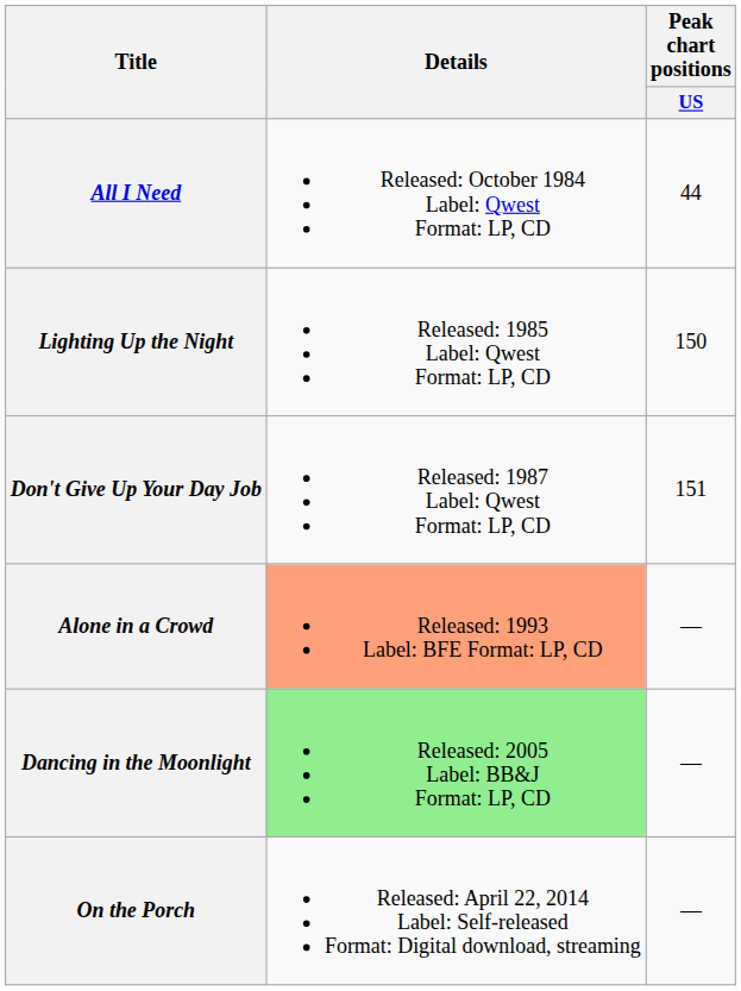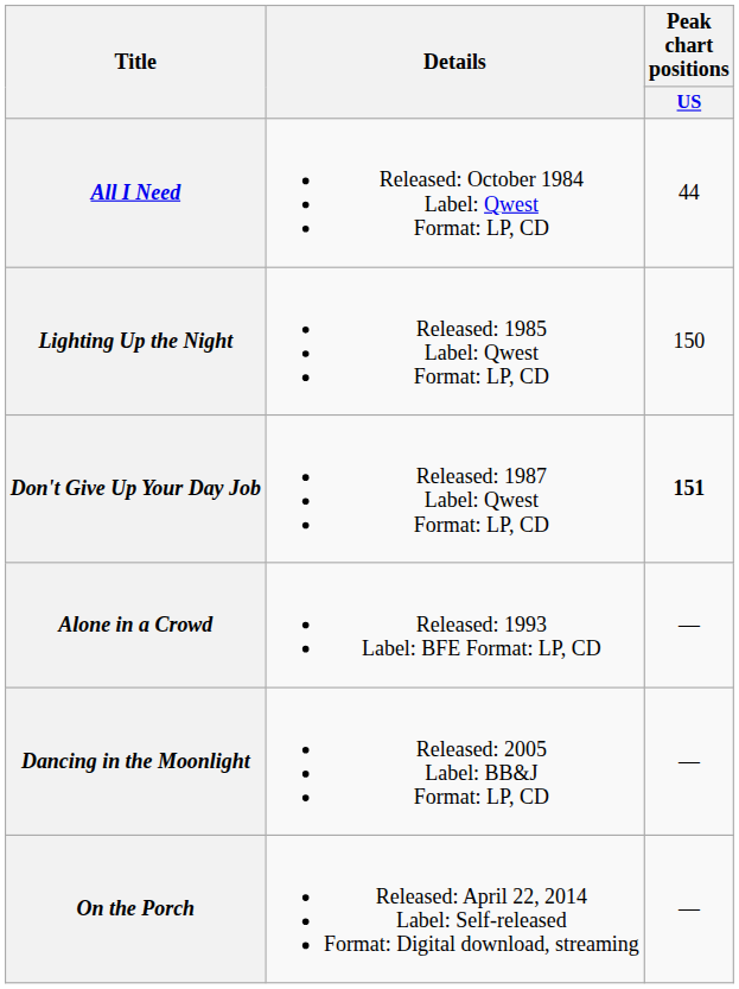 <table class="wikitable plainrowheaders" style="text-align:center;">
 <tr>
 <th rowspan="2">Title</th>
 <th rowspan="2">Details</th>
 <th>Peak chart positions</th>
 </tr>
 <tr>
 <th scope="col" style="width:3em;font-size:90%;"><a href='#'>US</a><br></th>
 </tr>
 <tr>
 <th scope="row"><em><a href='#'>All I Need</a></em></th>
 <td><br><ul><li>Released: October 1984</li><li>Label: <a href='#'>Qwest</a></li><li>Format: LP, CD</li></ul></td>
 <td>44</td>
 </tr>
 <tr>
 <th scope="row"><em>Lighting Up the Night</em></th>
 <td><br><ul><li>Released: 1985</li><li>Label: Qwest</li><li>Format: LP, CD</li></ul></td>
 <td>150</td>
 </tr>
 <tr>
 <th scope="row"><em>Don't Give Up Your Day Job</em></th>
 <td><br><ul><li>Released: 1987</li><li>Label: Qwest</li><li>Format: LP, CD</li></ul></td>
-<td>151</td>
+<td><strong>151</strong></td>
 </tr>
 <tr>
 <th scope="row"><em>Alone in a Crowd</em></th>
-<td style="background: lightsalmon;"><br><ul><li>Released: 1993</li><li>Label: BFE Format: LP, CD</li></ul></td>
+<td><br><ul><li>Released: 1993</li><li>Label: BFE Format: LP, CD</li></ul></td>
 <td>—</td>
 </tr>
 <tr>
 <th scope="row"><em>Dancing in the Moonlight</em></th>
-<td style="background: lightgreen;"><br><ul><li>Released: 2005</li><li>Label: BB&J</li><li>Format: LP, CD</li></ul></td>
+<td><br><ul><li>Released: 2005</li><li>Label: BB&J</li><li>Format: LP, CD</li></ul></td>
 <td>—</td>
 </tr>
 <tr>
 <th scope="row"><em>On the Porch</em></th>
 <td><br><ul><li>Released: April 22, 2014</li><li>Label: Self-released</li><li>Format: Digital download, streaming</li></ul></td>
 <td>—</td>
 </tr>
 </table>
